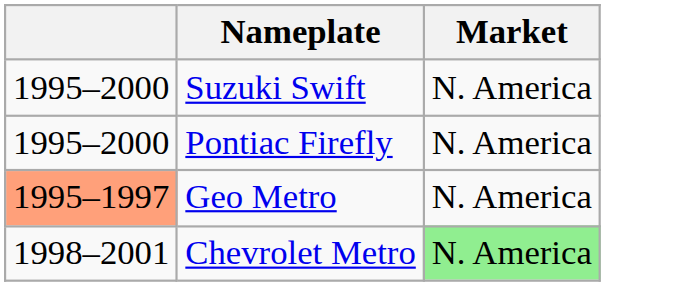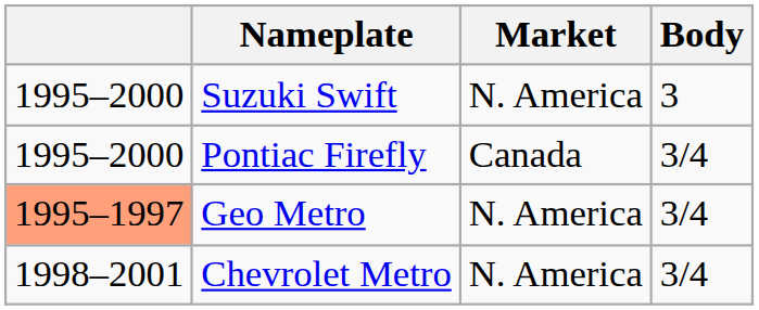 <table class="wikitable" style="right: 4em; :">
 <tr>
 <th></th>
 <th>Nameplate</th>
 <th>Market</th>
+<th>Body</th>
 </tr>
 <tr>
 <td>1995–2000</td>
 <td><a href='#'>Suzuki Swift</a></td>
 <td>N. America</td>
+<td>3</td>
 </tr>
 <tr>
 <td>1995–2000</td>
 <td><a href='#'>Pontiac Firefly</a></td>
-<td>N. America</td>
+<td>Canada</td>
+<td>3/4</td>
 </tr>
 <tr>
 <td style="background: lightsalmon;">1995–1997</td>
 <td><a href='#'>Geo Metro</a></td>
 <td>N. America</td>
+<td>3/4</td>
 </tr>
 <tr>
 <td>1998–2001</td>
 <td><a href='#'>Chevrolet Metro</a></td>
-<td style="background: lightgreen;">N. America</td>
+<td>N. America</td>
+<td>3/4</td>
 </tr>
 </table>
